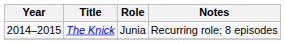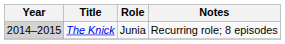 <table class="wikitable">
 <tr>
 <th>Year</th>
 <th>Title</th>
 <th>Role</th>
 <th>Notes</th>
 </tr>
 <tr>
-<td>2014–2015</td>
+<td style="background: lightgrey;">2014–2015</td>
 <td><em><a href='#'>The Knick</a></em></td>
 <td>Junia</td>
 <td>Recurring role; 8 episodes</td>
 </tr>
 <tr>
 </tr>
 </table>
